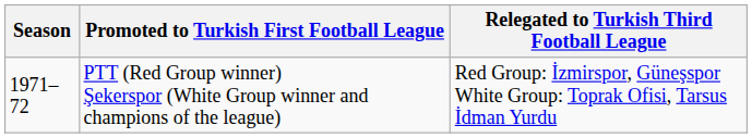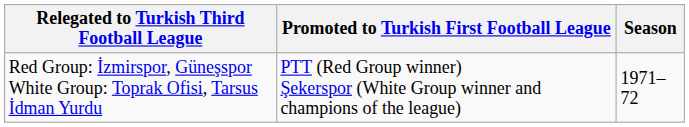 <table class="wikitable">
 <tr>
+<th>Relegated to <a href='#'>Turkish Third Football League</a></th>
+<th>Promoted to <a href='#'>Turkish First Football League</a></th>
 <th>Season</th>
-<th>Promoted to <a href='#'>Turkish First Football League</a></th>
-<th>Relegated to <a href='#'>Turkish Third Football League</a></th>
 </tr>
 <tr>
+<td>Red Group: <a href='#'>İzmirspor</a>, <a href='#'>Güneşspor</a><br>White Group: <a href='#'>Toprak Ofisi</a>, <a href='#'>Tarsus İdman Yurdu</a></td>
+<td><a href='#'>PTT</a> (Red Group winner)<br><a href='#'>Şekerspor</a> (White Group winner and champions of the league)</td>
 <td>1971–72</td>
-<td><a href='#'>PTT</a> (Red Group winner)<br><a href='#'>Şekerspor</a> (White Group winner and champions of the league)</td>
-<td>Red Group: <a href='#'>İzmirspor</a>, <a href='#'>Güneşspor</a><br>White Group: <a href='#'>Toprak Ofisi</a>, <a href='#'>Tarsus İdman Yurdu</a></td>
 </tr>
 </table>
